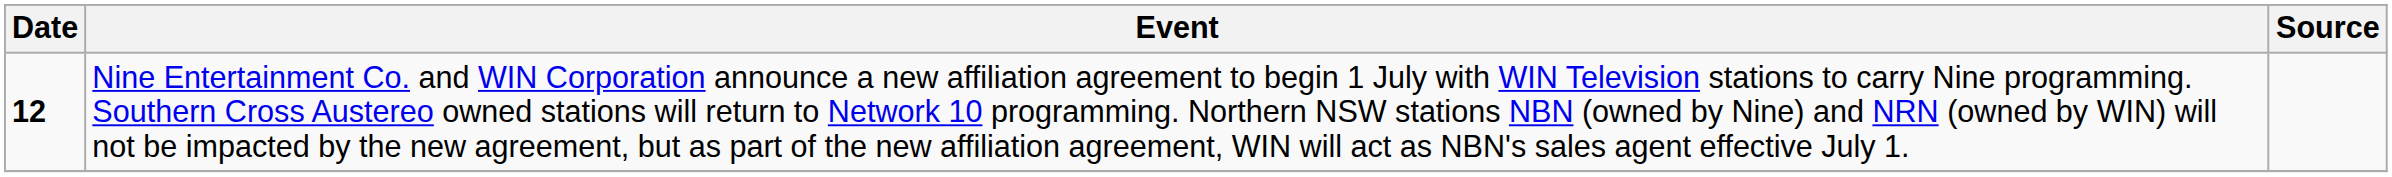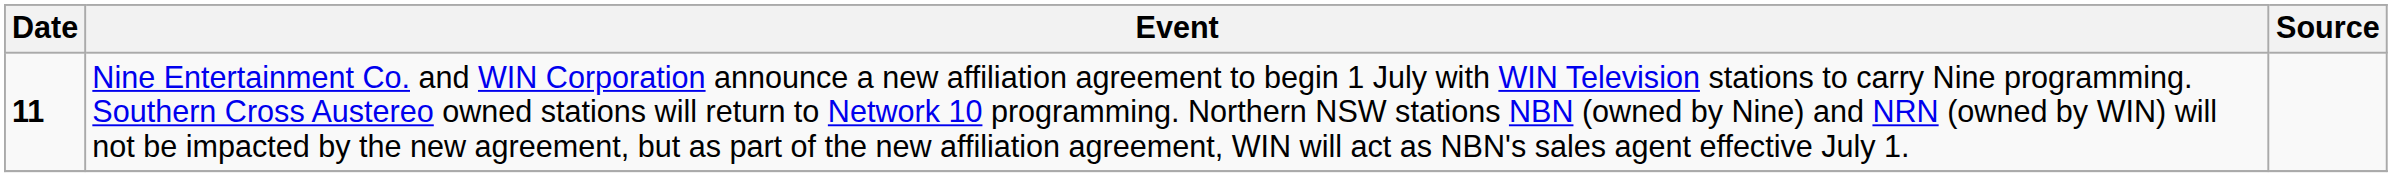 <table class="wikitable">
 <tr>
 <th>Date</th>
 <th>Event</th>
 <th>Source</th>
 </tr>
 <tr>
-<td><strong>12</strong></td>
+<td><strong>11</strong></td>
 <td><a href='#'>Nine Entertainment Co.</a> and <a href='#'>WIN Corporation</a> announce a new affiliation agreement to begin 1 July with <a href='#'>WIN Television</a> stations to carry Nine programming. <a href='#'>Southern Cross Austereo</a> owned stations will return to <a href='#'>Network 10</a> programming. Northern NSW stations <a href='#'>NBN</a> (owned by Nine) and <a href='#'>NRN</a> (owned by WIN) will not be impacted by the new agreement, but as part of the new affiliation agreement, WIN will act as NBN's sales agent effective July 1.</td>
 <td></td>
 </tr>
 <tr>
 </tr>
 </table>
